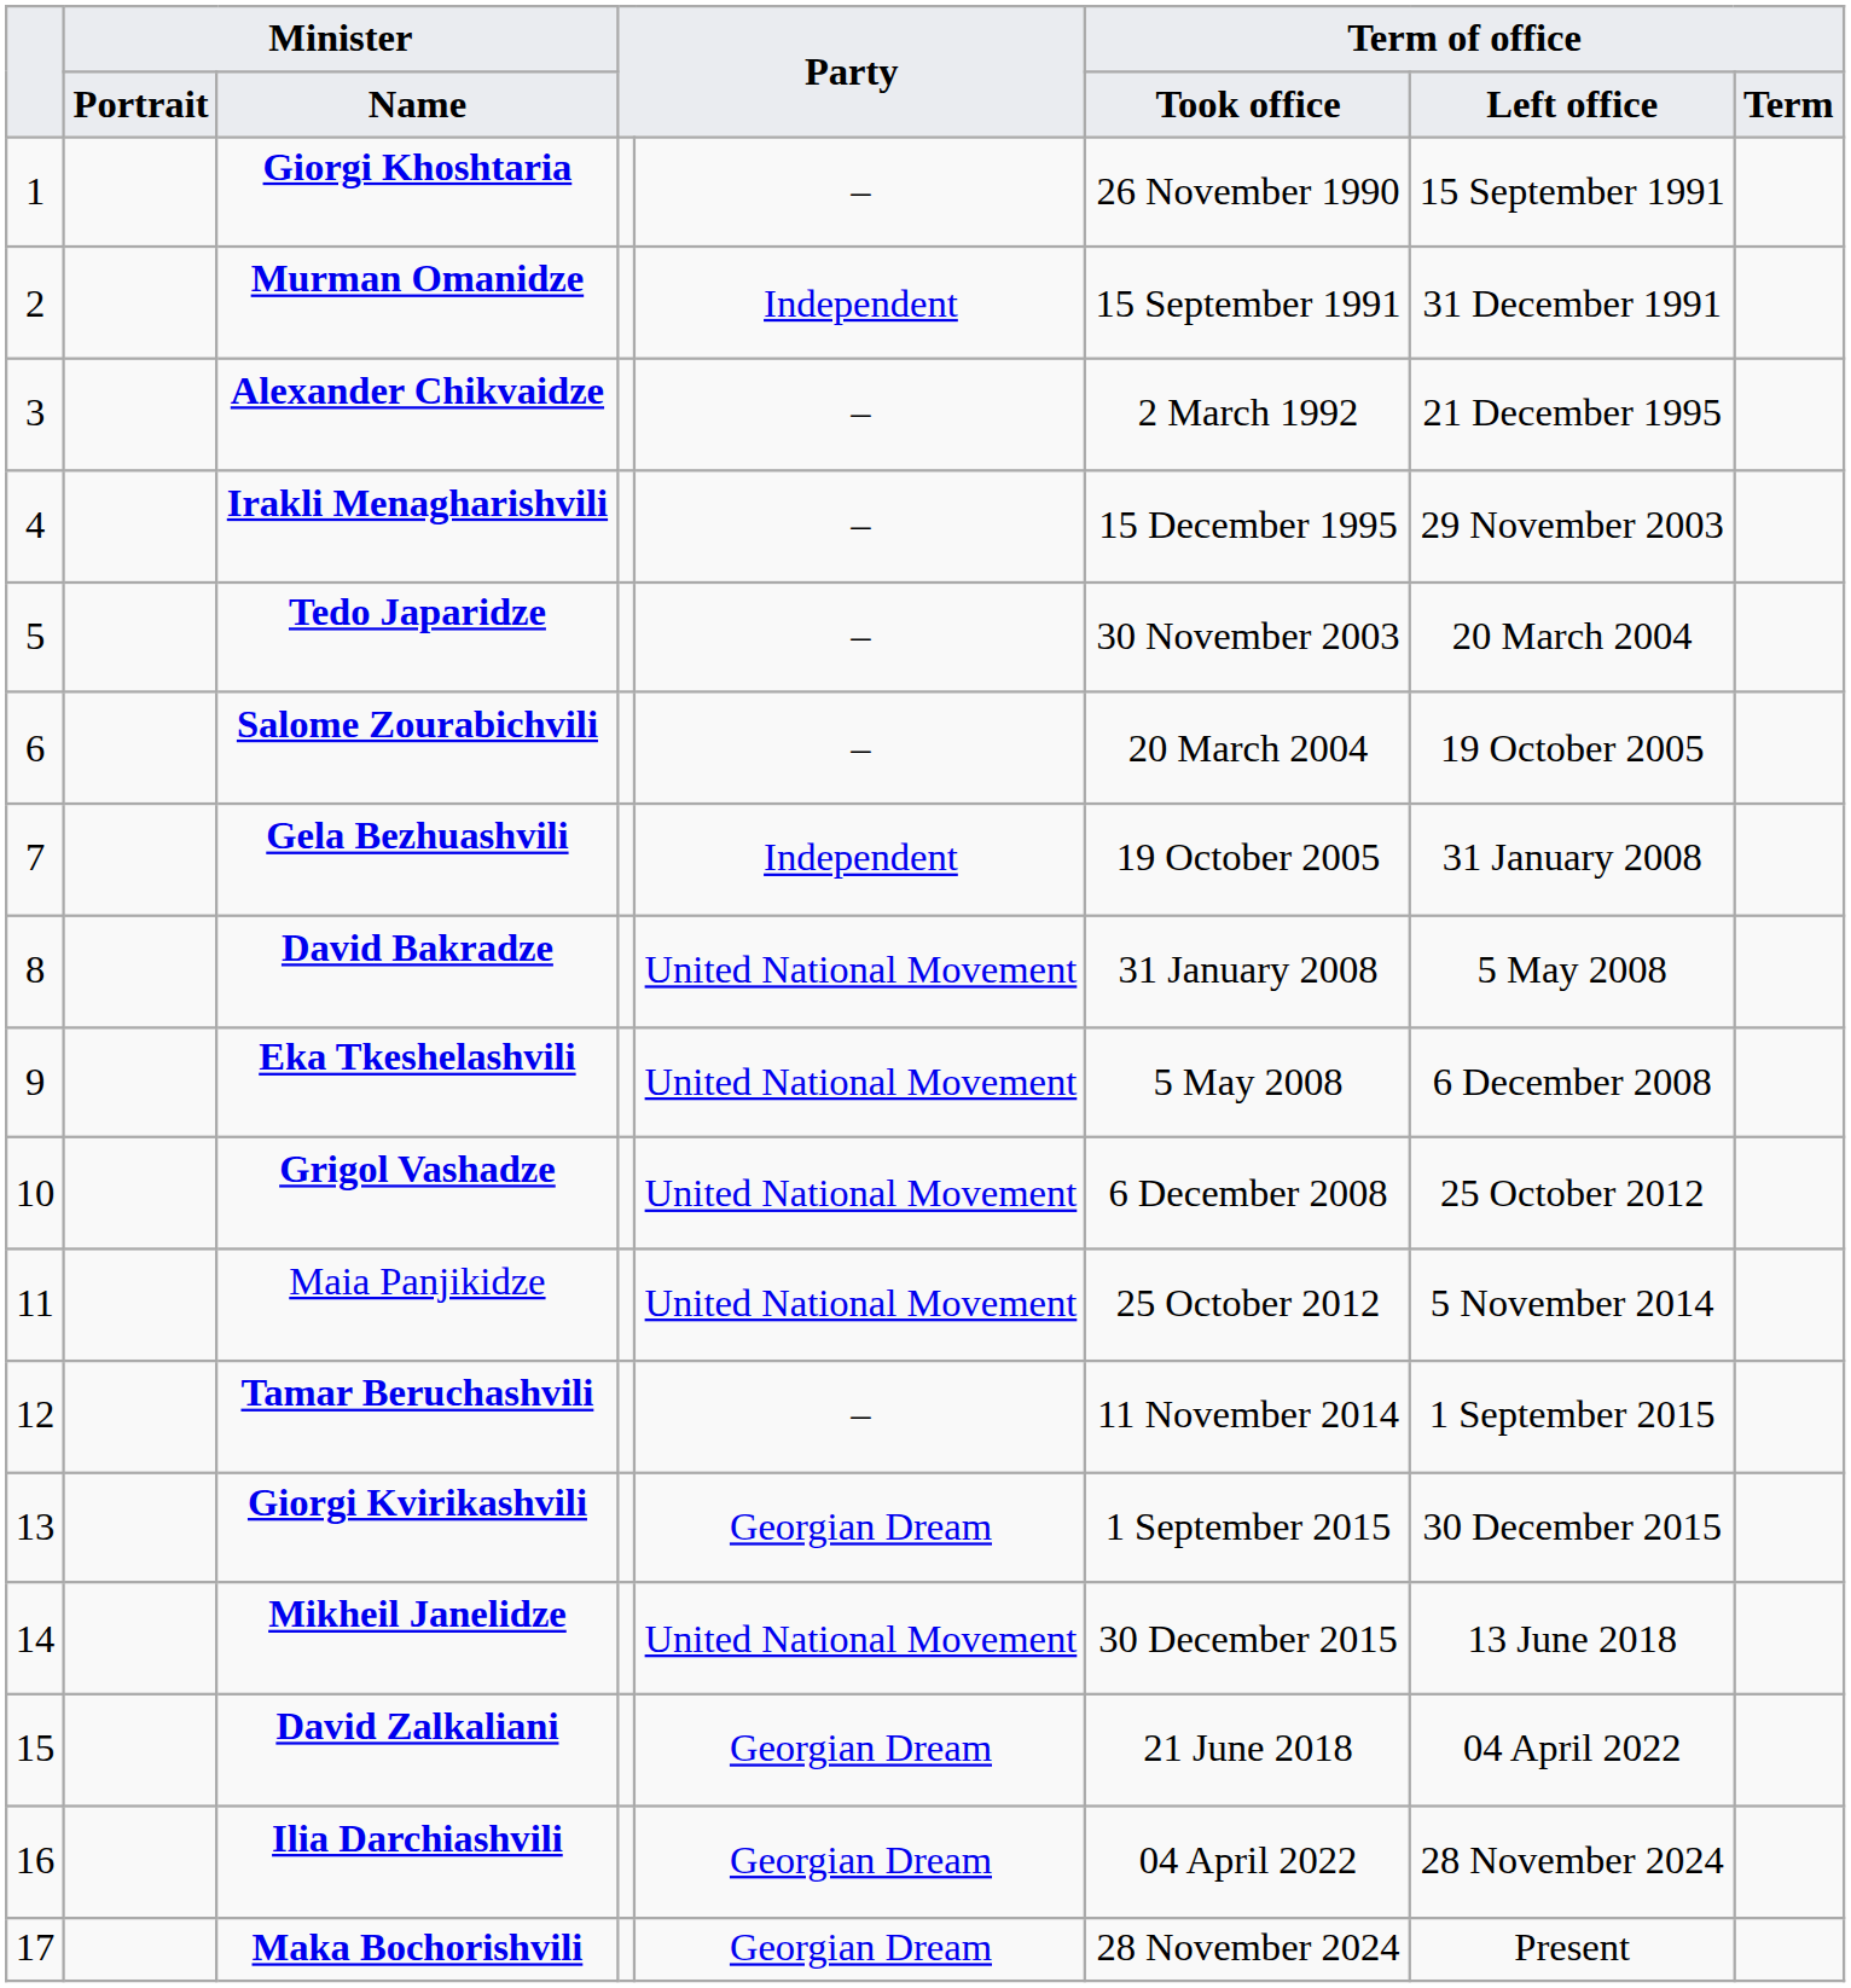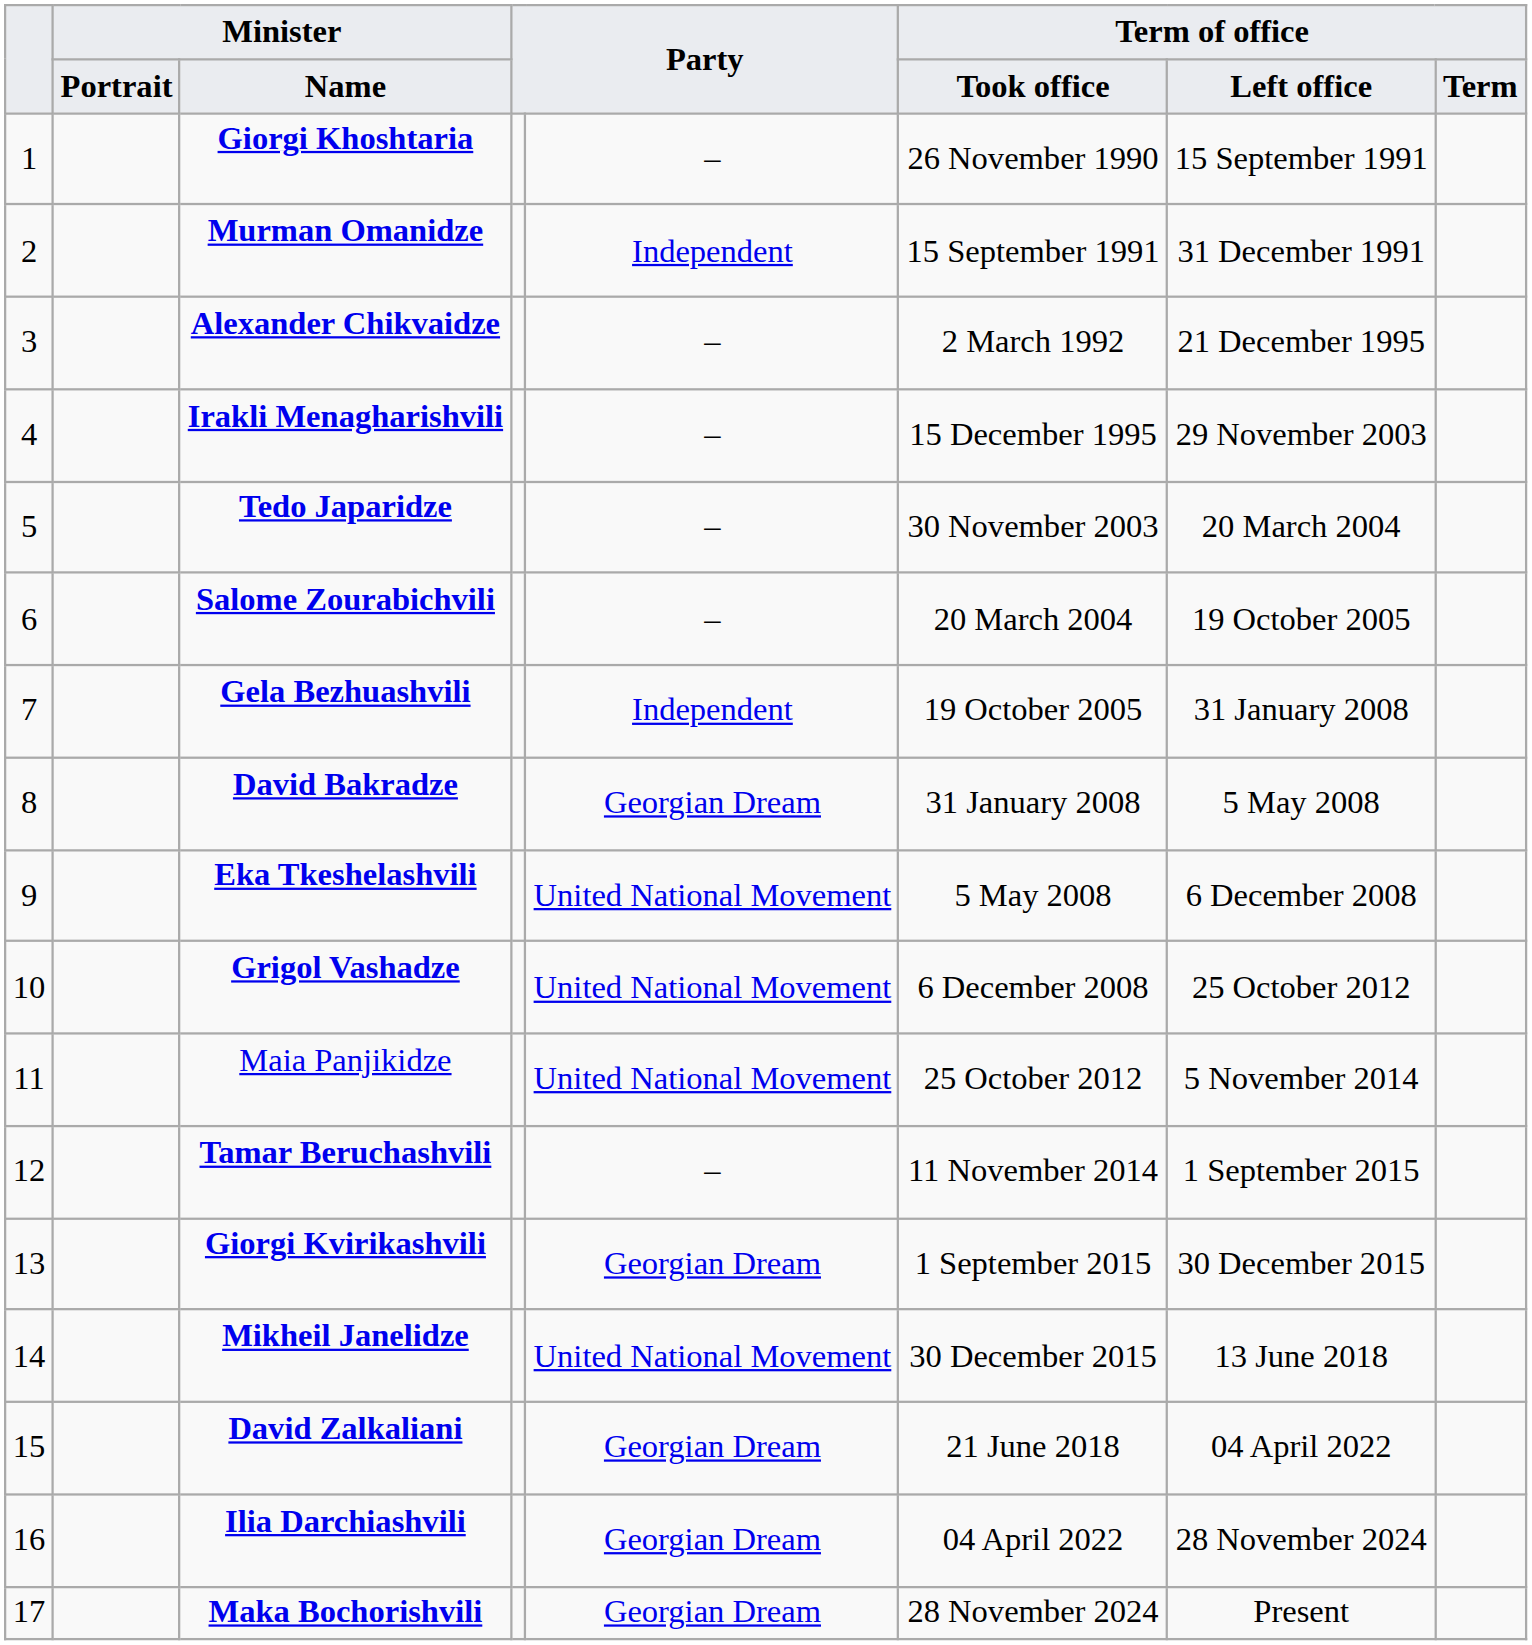 <table class="wikitable" style="font-size:90%; text-align:center;">
 <tr>
 <th rowspan=2 style="background-color:#EAECF0;"></th>
 <th colspan=2 style="background-color:#EAECF0;">Minister</th>
 <th rowspan=2 colspan=2 style="background-color:#EAECF0;">Party</th>
 <th colspan=3 style="background-color:#EAECF0;">Term of office</th>
 </tr>
 <tr>
 <th style="background-color:#EAECF0;">Portrait</th>
 <th style="background-color:#EAECF0;">Name</th>
 <th style="background-color:#EAECF0;">Took office</th>
 <th style="background-color:#EAECF0;">Left office</th>
 <th style="background-color:#EAECF0;">Term</th>
 </tr>
 <tr>
 <td>1</td>
 <td></td>
 <td><strong><a href='#'>Giorgi Khoshtaria</a></strong><br><br></td>
 <td style="background-color:"></td>
 <td>–</td>
 <td>26 November 1990</td>
 <td>15 September 1991</td>
 <td></td>
 </tr>
 <tr>
 <td>2</td>
 <td></td>
 <td><strong><a href='#'>Murman Omanidze</a></strong><br><br></td>
 <td style="background-color:"></td>
 <td><a href='#'>Independent</a></td>
 <td>15 September 1991</td>
 <td>31 December 1991</td>
 <td></td>
 </tr>
 <tr>
 <td>3</td>
 <td></td>
 <td><strong><a href='#'>Alexander Chikvaidze</a></strong><br><br></td>
 <td style="background-color:"></td>
 <td>–</td>
 <td>2 March 1992</td>
 <td>21 December 1995</td>
 <td></td>
 </tr>
 <tr>
 <td>4</td>
 <td></td>
 <td><strong><a href='#'>Irakli Menagharishvili</a></strong><br><br></td>
 <td style="background-color:"></td>
 <td>–</td>
 <td>15 December 1995</td>
 <td>29 November  2003</td>
 <td></td>
 </tr>
 <tr>
 <td>5</td>
 <td></td>
 <td><strong><a href='#'>Tedo Japaridze</a></strong><br><br></td>
 <td style="background-color:"></td>
 <td>–</td>
 <td>30 November 2003</td>
 <td>20 March 2004</td>
 <td></td>
 </tr>
 <tr>
 <td>6</td>
 <td></td>
 <td><strong><a href='#'>Salome Zourabichvili</a></strong><br><br></td>
 <td style="background-color:"></td>
 <td>–</td>
 <td>20 March 2004</td>
 <td>19 October 2005</td>
 <td></td>
 </tr>
 <tr>
 <td>7</td>
 <td></td>
 <td><strong><a href='#'>Gela Bezhuashvili</a></strong><br><br></td>
 <td style="background-color:"></td>
 <td><a href='#'>Independent</a></td>
 <td>19 October 2005</td>
 <td>31 January 2008</td>
 <td></td>
 </tr>
 <tr>
 <td>8</td>
 <td></td>
 <td><strong><a href='#'>David Bakradze</a></strong><br><br></td>
 <td style="background-color:"></td>
-<td><a href='#'>United National Movement</a></td>
+<td><a href='#'>Georgian Dream</a></td>
 <td>31 January 2008</td>
 <td>5 May 2008</td>
 <td></td>
 </tr>
 <tr>
 <td>9</td>
 <td></td>
 <td><strong><a href='#'>Eka Tkeshelashvili</a></strong><br><br></td>
 <td style="background-color:"></td>
 <td><a href='#'>United National Movement</a></td>
 <td>5 May 2008</td>
 <td>6 December 2008</td>
 <td></td>
 </tr>
 <tr>
 <td>10</td>
 <td></td>
 <td><strong><a href='#'>Grigol Vashadze</a></strong><br><br></td>
 <td style="background-color:"></td>
 <td><a href='#'>United National Movement</a></td>
 <td>6 December 2008</td>
 <td>25 October 2012</td>
 <td></td>
 </tr>
 <tr>
 <td>11</td>
 <td></td>
 <td><a href='#'>Maia Panjikidze</a> <br><br></td>
 <td style="background-color:"></td>
 <td><a href='#'>United National Movement</a></td>
 <td>25 October 2012</td>
 <td>5 November 2014</td>
 <td></td>
 </tr>
 <tr>
 <td>12</td>
 <td></td>
 <td><strong><a href='#'>Tamar Beruchashvili</a></strong><br><br></td>
 <td style="background-color:"></td>
 <td>–</td>
 <td>11 November 2014</td>
 <td>1 September 2015</td>
 <td></td>
 </tr>
 <tr>
 <td>13</td>
 <td></td>
 <td><strong><a href='#'>Giorgi Kvirikashvili</a></strong><br><br></td>
 <td style="background-color:"></td>
 <td><a href='#'>Georgian Dream</a></td>
 <td>1 September 2015</td>
 <td>30 December 2015</td>
 <td></td>
 </tr>
 <tr>
 <td>14</td>
 <td></td>
 <td><strong><a href='#'>Mikheil Janelidze</a></strong><br><br></td>
 <td style="background-color:"></td>
 <td><a href='#'>United National Movement</a></td>
 <td>30 December 2015</td>
 <td>13 June 2018</td>
 <td></td>
 </tr>
 <tr>
 <td>15</td>
 <td></td>
 <td><strong><a href='#'>David Zalkaliani</a></strong><br><br></td>
 <td style="background-color:"></td>
 <td><a href='#'>Georgian Dream</a></td>
 <td>21 June 2018</td>
 <td>04 April 2022</td>
 <td></td>
 </tr>
 <tr>
 <td>16</td>
 <td></td>
 <td><strong><a href='#'>Ilia Darchiashvili</a></strong><br> <br></td>
 <td style="background-color:"></td>
 <td><a href='#'>Georgian Dream</a></td>
 <td>04 April 2022</td>
 <td>28 November 2024</td>
 <td></td>
 </tr>
 <tr>
 <td>17</td>
 <td><br></td>
 <td><strong><a href='#'>Maka Bochorishvili</a></strong><br></td>
 <td style="background-color:"></td>
 <td><a href='#'>Georgian Dream</a></td>
 <td>28 November 2024</td>
 <td>Present</td>
 <td></td>
 </tr>
 </table>
